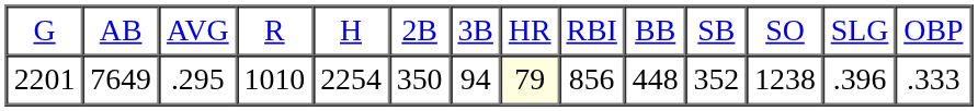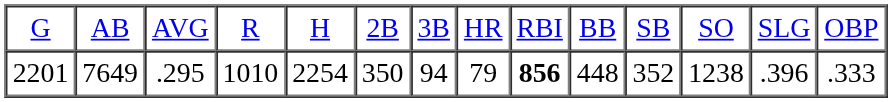 <table cellpadding=3 cellspacing=0 border=1 width=400>
 <tr align=center>
 <td><a href='#'>G</a></td>
 <td><a href='#'>AB</a></td>
 <td><a href='#'>AVG</a></td>
 <td><a href='#'>R</a></td>
 <td><a href='#'>H</a></td>
 <td><a href='#'>2B</a></td>
 <td><a href='#'>3B</a></td>
 <td><a href='#'>HR</a></td>
 <td><a href='#'>RBI</a></td>
 <td><a href='#'>BB</a></td>
 <td><a href='#'>SB</a></td>
 <td><a href='#'>SO</a></td>
 <td><a href='#'>SLG</a></td>
 <td><a href='#'>OBP</a></td>
 </tr>
 <tr align=center>
 <td>2201</td>
 <td>7649</td>
 <td>.295</td>
 <td>1010</td>
 <td>2254</td>
 <td>350</td>
 <td>94</td>
-<td style="background: lightyellow;">79</td>
-<td>856</td>
+<td>79</td>
+<td><strong>856</strong></td>
 <td>448</td>
 <td>352</td>
 <td>1238</td>
 <td>.396</td>
 <td>.333</td>
 </tr>
 </table>
